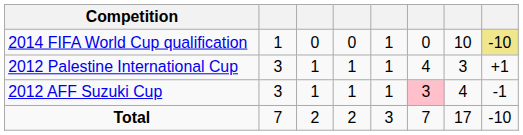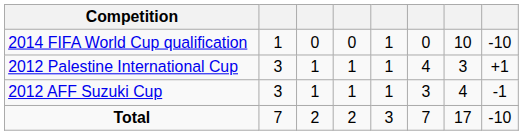 <table class="wikitable" style="text-align: center;">
 <tr>
 <th width=250>Competition</th>
 <th width=30></th>
 <th width=30></th>
 <th width=30></th>
 <th width=30></th>
 <th width=30></th>
 <th width=30></th>
 <th width=30></th>
 </tr>
 <tr>
 <td align="left"><a href='#'>2014 FIFA World Cup qualification</a></td>
 <td>1</td>
 <td>0</td>
 <td>0</td>
 <td>1</td>
 <td>0</td>
 <td>10</td>
-<td style="background: khaki;">-10</td>
+<td>-10</td>
 </tr>
 <tr>
 <td align="left"><a href='#'>2012 Palestine International Cup</a></td>
 <td>3</td>
 <td>1</td>
 <td>1</td>
 <td>1</td>
 <td>4</td>
 <td>3</td>
 <td>+1</td>
 </tr>
 <tr>
 <td align="left"><a href='#'>2012 AFF Suzuki Cup</a></td>
 <td>3</td>
 <td>1</td>
 <td>1</td>
 <td>1</td>
-<td style="background: pink;">3</td>
+<td>3</td>
 <td>4</td>
 <td>-1</td>
 </tr>
 <tr>
 <td><strong>Total</strong></td>
 <td>7</td>
 <td>2</td>
 <td>2</td>
 <td>3</td>
 <td>7</td>
 <td>17</td>
 <td>-10</td>
 </tr>
 </table>
